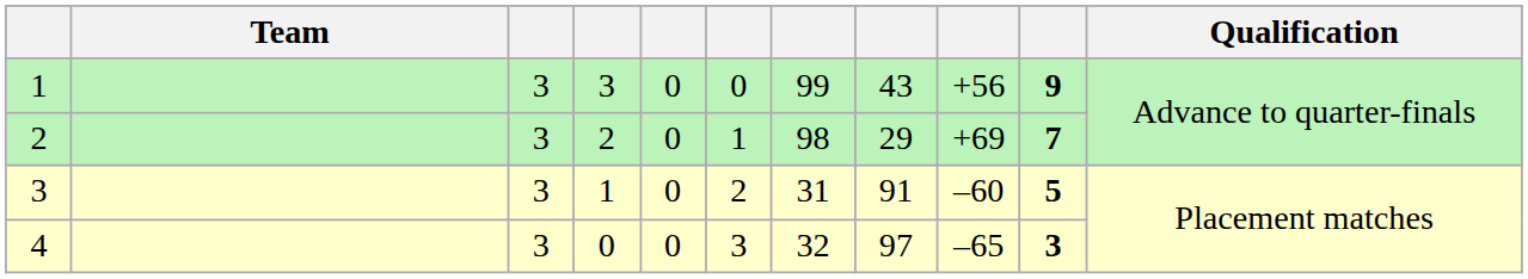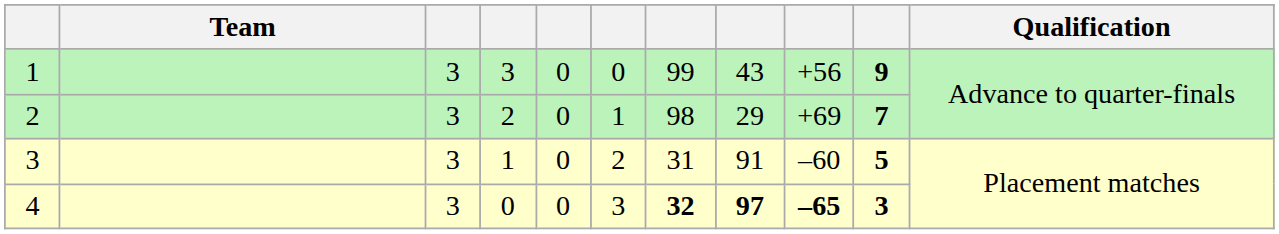 <table class="wikitable" style="text-align:center;">
 <tr>
 <th style="width:1.5em;"></th>
 <th style="width:12.5em">Team</th>
 <th style="width:1.5em;"></th>
 <th style="width:1.5em;"></th>
 <th style="width:1.5em;"></th>
 <th style="width:1.5em;"></th>
 <th style="width:2.0em;"></th>
 <th style="width:2.0em;"></th>
 <th style="width:2.0em;"></th>
 <th style="width:1.5em;"></th>
 <th style="width:12.5em">Qualification</th>
 </tr>
 <tr bgcolor="#bbf3bb">
 <td>1</td>
 <td align="left"></td>
 <td>3</td>
 <td>3</td>
 <td>0</td>
 <td>0</td>
 <td>99</td>
 <td>43</td>
 <td>+56</td>
 <td><strong>9</strong></td>
 <td bgcolor="#bbf3bb" rowspan=2>Advance to quarter-finals</td>
 </tr>
 <tr bgcolor="#bbf3bb">
 <td>2</td>
 <td align="left"></td>
 <td>3</td>
 <td>2</td>
 <td>0</td>
 <td>1</td>
 <td>98</td>
 <td>29</td>
 <td>+69</td>
 <td><strong>7</strong></td>
 </tr>
 <tr bgcolor="#ffffcc">
 <td>3</td>
 <td align="left"></td>
 <td>3</td>
 <td>1</td>
 <td>0</td>
 <td>2</td>
 <td>31</td>
 <td>91</td>
 <td>–60</td>
 <td><strong>5</strong></td>
 <td bgcolor="#ffffcc" rowspan=2>Placement matches</td>
 </tr>
 <tr bgcolor="#ffffcc">
 <td>4</td>
 <td align="left"></td>
 <td>3</td>
 <td>0</td>
 <td>0</td>
 <td>3</td>
-<td>32</td>
-<td>97</td>
-<td>–65</td>
+<td><strong>32</strong></td>
+<td><strong>97</strong></td>
+<td><strong>–65</strong></td>
 <td><strong>3</strong></td>
 </tr>
 </table>
